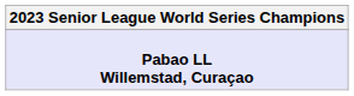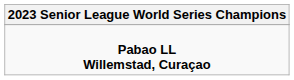 <table class="wikitable" style="text-align: center; margin: 0 auto;">
 <tr>
 <th>2023 Senior League World Series Champions</th>
 </tr>
 <tr>
 </tr>
 <tr>
-<td style="background: lavender;"><br><strong>Pabao LL</strong><br> <strong>Willemstad, Curaçao</strong></td>
+<td><br><strong>Pabao LL</strong><br> <strong>Willemstad, Curaçao</strong></td>
 </tr>
 </table>
